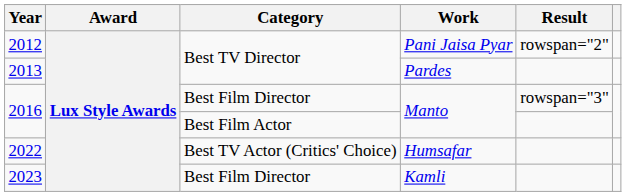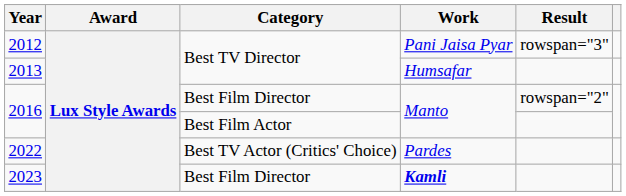 <table class="wikitable plainrowheaders">
 <tr>
 <th>Year</th>
 <th>Award</th>
 <th>Category</th>
 <th>Work</th>
 <th scope="col" class="unsortable">Result</th>
 <th scope="col" class="unsortable"></th>
 </tr>
 <tr>
 <td><a href='#'>2012</a></td>
 <th scope="row" rowspan="6"><a href='#'>Lux Style Awards</a></th>
 <td rowspan="2">Best TV Director</td>
 <td><em><a href='#'>Pani Jaisa Pyar</a></em></td>
-<td>rowspan="2" </td>
+<td>rowspan="3" </td>
 <td></td>
 </tr>
 <tr>
 <td><a href='#'>2013</a></td>
-<td><em><a href='#'>Pardes</a></em></td>
+<td><em><a href='#'>Humsafar</a></em></td>
 <td></td>
 </tr>
 <tr>
 <td rowspan="2"><a href='#'>2016</a></td>
 <td>Best Film Director</td>
 <td rowspan="2"><em><a href='#'>Manto</a></em></td>
-<td>rowspan="3" </td>
+<td>rowspan="2" </td>
 <td rowspan="2"></td>
 </tr>
 <tr>
 <td>Best Film Actor</td>
 </tr>
 <tr>
 <td><a href='#'>2022</a></td>
 <td>Best TV Actor (Critics' Choice)</td>
-<td><em><a href='#'>Humsafar</a></em></td>
+<td><em><a href='#'>Pardes</a></em></td>
 <td></td>
 </tr>
 <tr>
 <td><a href='#'>2023</a></td>
 <td>Best Film Director</td>
-<td><em><a href='#'>Kamli</a></em></td>
+<td><strong><em><a href='#'>Kamli</a></em></strong></td>
 <td></td>
 <td></td>
 </tr>
 </table>
